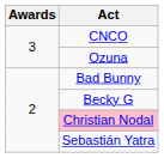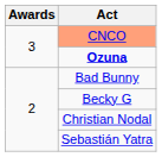 <table class="wikitable" rowspan="2" style="text-align:center;">
 <tr>
 <th scope="col">Awards</th>
 <th scope="col">Act</th>
 </tr>
 <tr>
 <td rowspan="2">3</td>
-<td><a href='#'>CNCO</a></td>
+<td style="background: lightsalmon;"><a href='#'>CNCO</a></td>
 </tr>
 <tr>
-<td><a href='#'>Ozuna</a></td>
+<td><strong><a href='#'>Ozuna</a></strong></td>
 </tr>
 <tr>
 <td rowspan="4">2</td>
 <td><a href='#'>Bad Bunny</a></td>
 </tr>
 <tr>
 <td><a href='#'>Becky G</a></td>
 </tr>
 <tr>
-<td style="background: pink;"><a href='#'>Christian Nodal</a></td>
+<td><a href='#'>Christian Nodal</a></td>
 </tr>
 <tr>
 <td><a href='#'>Sebastián Yatra</a></td>
 </tr>
 </table>
